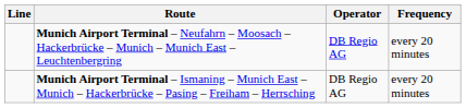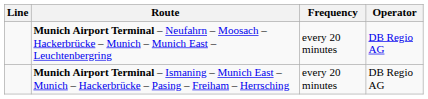 <table class="wikitable">
 <tr>
 <th>Line</th>
 <th>Route</th>
+<th>Frequency</th>
 <th>Operator</th>
-<th>Frequency</th>
 </tr>
 <tr>
 <td align="center"></td>
 <td><strong>Munich Airport Terminal</strong> – <a href='#'>Neufahrn</a> – <a href='#'>Moosach</a> – <a href='#'>Hackerbrücke</a> – <a href='#'>Munich</a> – <a href='#'>Munich East</a> – <a href='#'>Leuchtenbergring</a></td>
+<td>every 20 minutes</td>
 <td><a href='#'>DB Regio AG</a></td>
-<td>every 20 minutes</td>
 </tr>
 <tr>
 <td align="center"><strong></strong></td>
 <td><strong>Munich Airport Terminal</strong> – <a href='#'>Ismaning</a> – <a href='#'>Munich East</a> – <a href='#'>Munich</a> – <a href='#'>Hackerbrücke</a> – <a href='#'>Pasing</a> – <a href='#'>Freiham</a> – <a href='#'>Herrsching</a></td>
+<td>every 20 minutes</td>
 <td>DB Regio AG</td>
-<td>every 20 minutes</td>
 </tr>
 </table>
